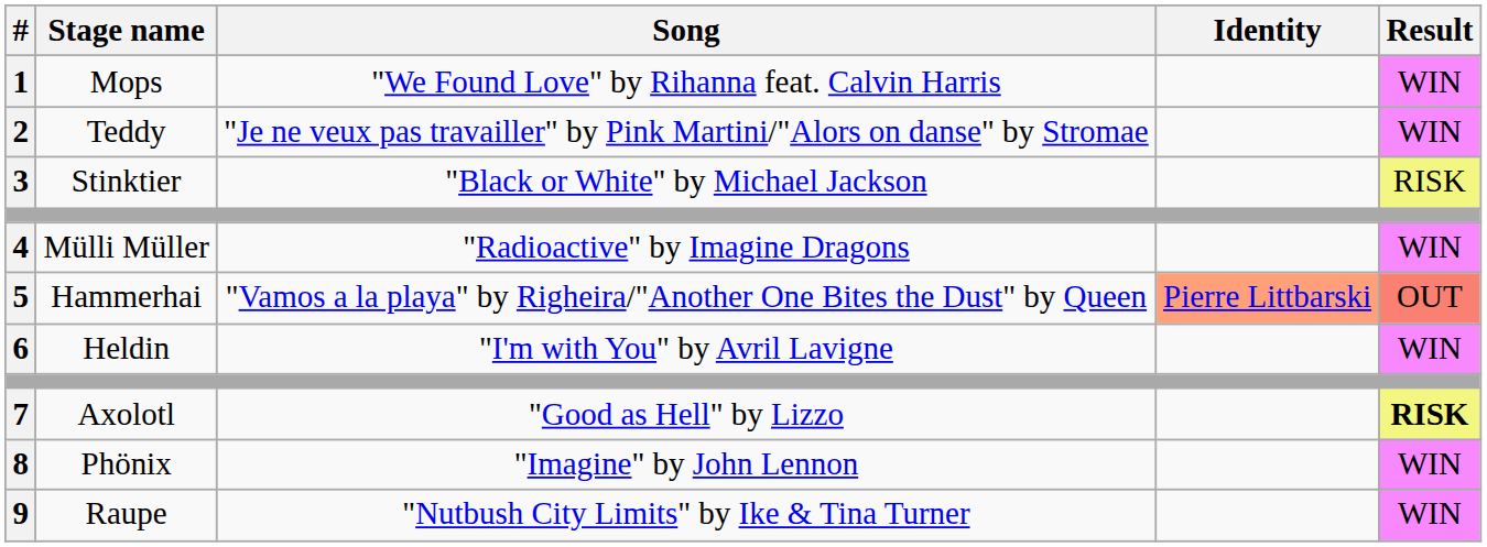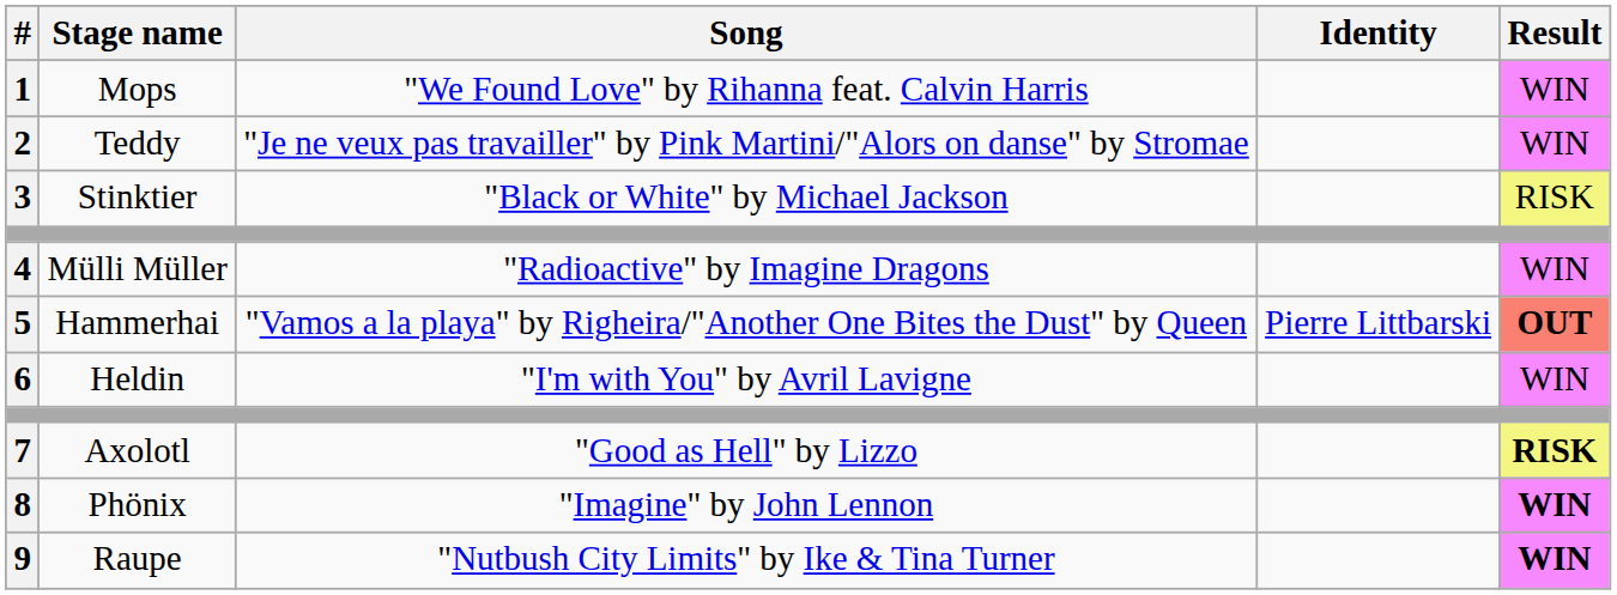 <table class="wikitable plainrowheaders" style="text-align: center;">
 <tr>
 <th>#</th>
 <th>Stage name</th>
 <th>Song</th>
 <th>Identity</th>
 <th>Result</th>
 </tr>
 <tr>
 <th>1</th>
 <td>Mops</td>
 <td>"<a href='#'>We Found Love</a>" by <a href='#'>Rihanna</a> feat. <a href='#'>Calvin Harris</a></td>
 <td></td>
 <td bgcolor="F888FD">WIN</td>
 </tr>
 <tr>
 <th>2</th>
 <td>Teddy</td>
 <td>"<a href='#'>Je ne veux pas travailler</a>" by <a href='#'>Pink Martini</a>/"<a href='#'>Alors on danse</a>" by <a href='#'>Stromae</a></td>
 <td></td>
 <td bgcolor="F888FD">WIN</td>
 </tr>
 <tr>
 <th>3</th>
 <td>Stinktier</td>
 <td>"<a href='#'>Black or White</a>" by <a href='#'>Michael Jackson</a></td>
 <td></td>
 <td bgcolor="#F3F781">RISK</td>
 </tr>
 <tr>
 <td colspan="6" style="background:darkgray"></td>
 </tr>
 <tr>
 <th>4</th>
 <td>Mülli Müller</td>
 <td>"<a href='#'>Radioactive</a>" by <a href='#'>Imagine Dragons</a></td>
 <td></td>
 <td bgcolor="F888FD">WIN</td>
 </tr>
 <tr>
 <th>5</th>
 <td>Hammerhai</td>
 <td>"<a href='#'>Vamos a la playa</a>" by <a href='#'>Righeira</a>/"<a href='#'>Another One Bites the Dust</a>" by <a href='#'>Queen</a></td>
-<td style="background: lightsalmon;"><a href='#'>Pierre Littbarski</a></td>
-<td bgcolor=salmon>OUT</td>
+<td><a href='#'>Pierre Littbarski</a></td>
+<td bgcolor=salmon><strong>OUT</strong></td>
 </tr>
 <tr>
 <th>6</th>
 <td>Heldin</td>
 <td>"<a href='#'>I'm with You</a>" by <a href='#'>Avril Lavigne</a></td>
 <td></td>
 <td bgcolor="F888FD">WIN</td>
 </tr>
 <tr>
 <td colspan="6" style="background:darkgray"></td>
 </tr>
 <tr>
 <th>7</th>
 <td>Axolotl</td>
 <td>"<a href='#'>Good as Hell</a>" by <a href='#'>Lizzo</a></td>
 <td></td>
 <td bgcolor="#F3F781"><strong>RISK</strong></td>
 </tr>
 <tr>
 <th>8</th>
 <td>Phönix</td>
 <td>"<a href='#'>Imagine</a>" by <a href='#'>John Lennon</a></td>
 <td></td>
-<td bgcolor="F888FD">WIN</td>
+<td bgcolor="F888FD"><strong>WIN</strong></td>
 </tr>
 <tr>
 <th>9</th>
 <td>Raupe</td>
 <td>"<a href='#'>Nutbush City Limits</a>" by <a href='#'>Ike & Tina Turner</a></td>
 <td></td>
-<td bgcolor="F888FD">WIN</td>
+<td bgcolor="F888FD"><strong>WIN</strong></td>
 </tr>
 </table>
